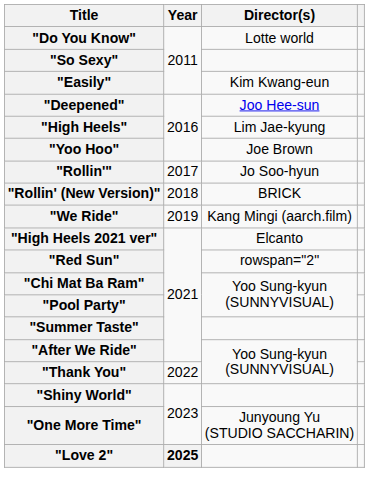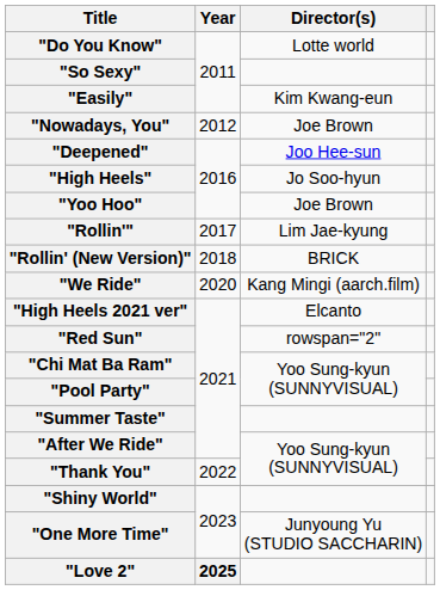 <table class="wikitable plainrowheaders" style="text-align:center">
 <tr>
 <th scope="col">Title</th>
 <th scope="col">Year</th>
 <th scope="col">Director(s)</th>
 <th scope="col"></th>
 </tr>
 <tr>
 <th scope="row">"Do You Know"</th>
 <td rowspan="3">2011</td>
 <td>Lotte world</td>
 <td></td>
 </tr>
 <tr>
 <th scope="row">"So Sexy"</th>
 <td></td>
 </tr>
 <tr>
 <th scope="row">"Easily"</th>
 <td>Kim Kwang-eun</td>
 <td></td>
 </tr>
 <tr>
+<th scope="row">"Nowadays, You"</th>
+<td>2012</td>
+<td>Joe Brown</td>
+<td></td>
+</tr>
+<tr>
 <th scope="row">"Deepened"</th>
 <td rowspan="3">2016</td>
 <td><a href='#'>Joo Hee-sun</a></td>
 <td></td>
 </tr>
 <tr>
 <th scope="row">"High Heels"</th>
-<td>Lim Jae-kyung</td>
+<td>Jo Soo-hyun</td>
 <td></td>
 </tr>
 <tr>
 <th scope= "row">"Yoo Hoo"</th>
 <td>Joe Brown</td>
 <td></td>
 </tr>
 <tr>
 <th scope= "row">"Rollin'"</th>
 <td>2017</td>
-<td>Jo Soo-hyun</td>
+<td>Lim Jae-kyung</td>
 <td></td>
 </tr>
 <tr>
 <th scope= "row">"Rollin' (New Version)"</th>
 <td>2018</td>
 <td>BRICK</td>
 <td></td>
 </tr>
 <tr>
 <th scope= "row">"We Ride"</th>
-<td>2019</td>
+<td>2020</td>
 <td>Kang Mingi (aarch.film)</td>
 <td></td>
 </tr>
 <tr>
 <th scope="row">"High Heels 2021 ver"</th>
 <td rowspan="6">2021</td>
 <td>Elcanto</td>
 <td></td>
 </tr>
 <tr>
 <th scope="row">"Red Sun"</th>
 <td>rowspan="2" </td>
 <td></td>
 </tr>
 <tr>
 <th scope="row">"Chi Mat Ba Ram"</th>
 <td rowspan="2">Yoo Sung-kyun<br>(SUNNYVISUAL)</td>
 <td></td>
 </tr>
 <tr>
 <th scope="row">"Pool Party"</th>
 <td></td>
 </tr>
 <tr>
 <th scope="row">"Summer Taste"</th>
 <td></td>
 <td></td>
 </tr>
 <tr>
 <th scope="row">"After We Ride"</th>
 <td rowspan="2">Yoo Sung-kyun<br>(SUNNYVISUAL)</td>
 <td></td>
 </tr>
 <tr>
 <th scope="row">"Thank You"</th>
 <td>2022</td>
 <td></td>
 </tr>
 <tr>
 <th scope="row">"Shiny World"</th>
 <td rowspan="2">2023</td>
 <td></td>
 <td></td>
 </tr>
 <tr>
 <th scope="row">"One More Time"</th>
 <td>Junyoung Yu<br>(STUDIO SACCHARIN)</td>
 <td></td>
 </tr>
 <tr>
 <th scope="row">"Love 2"</th>
 <th scope="row">2025</th>
 <td></td>
 <td></td>
 </tr>
 </table>
